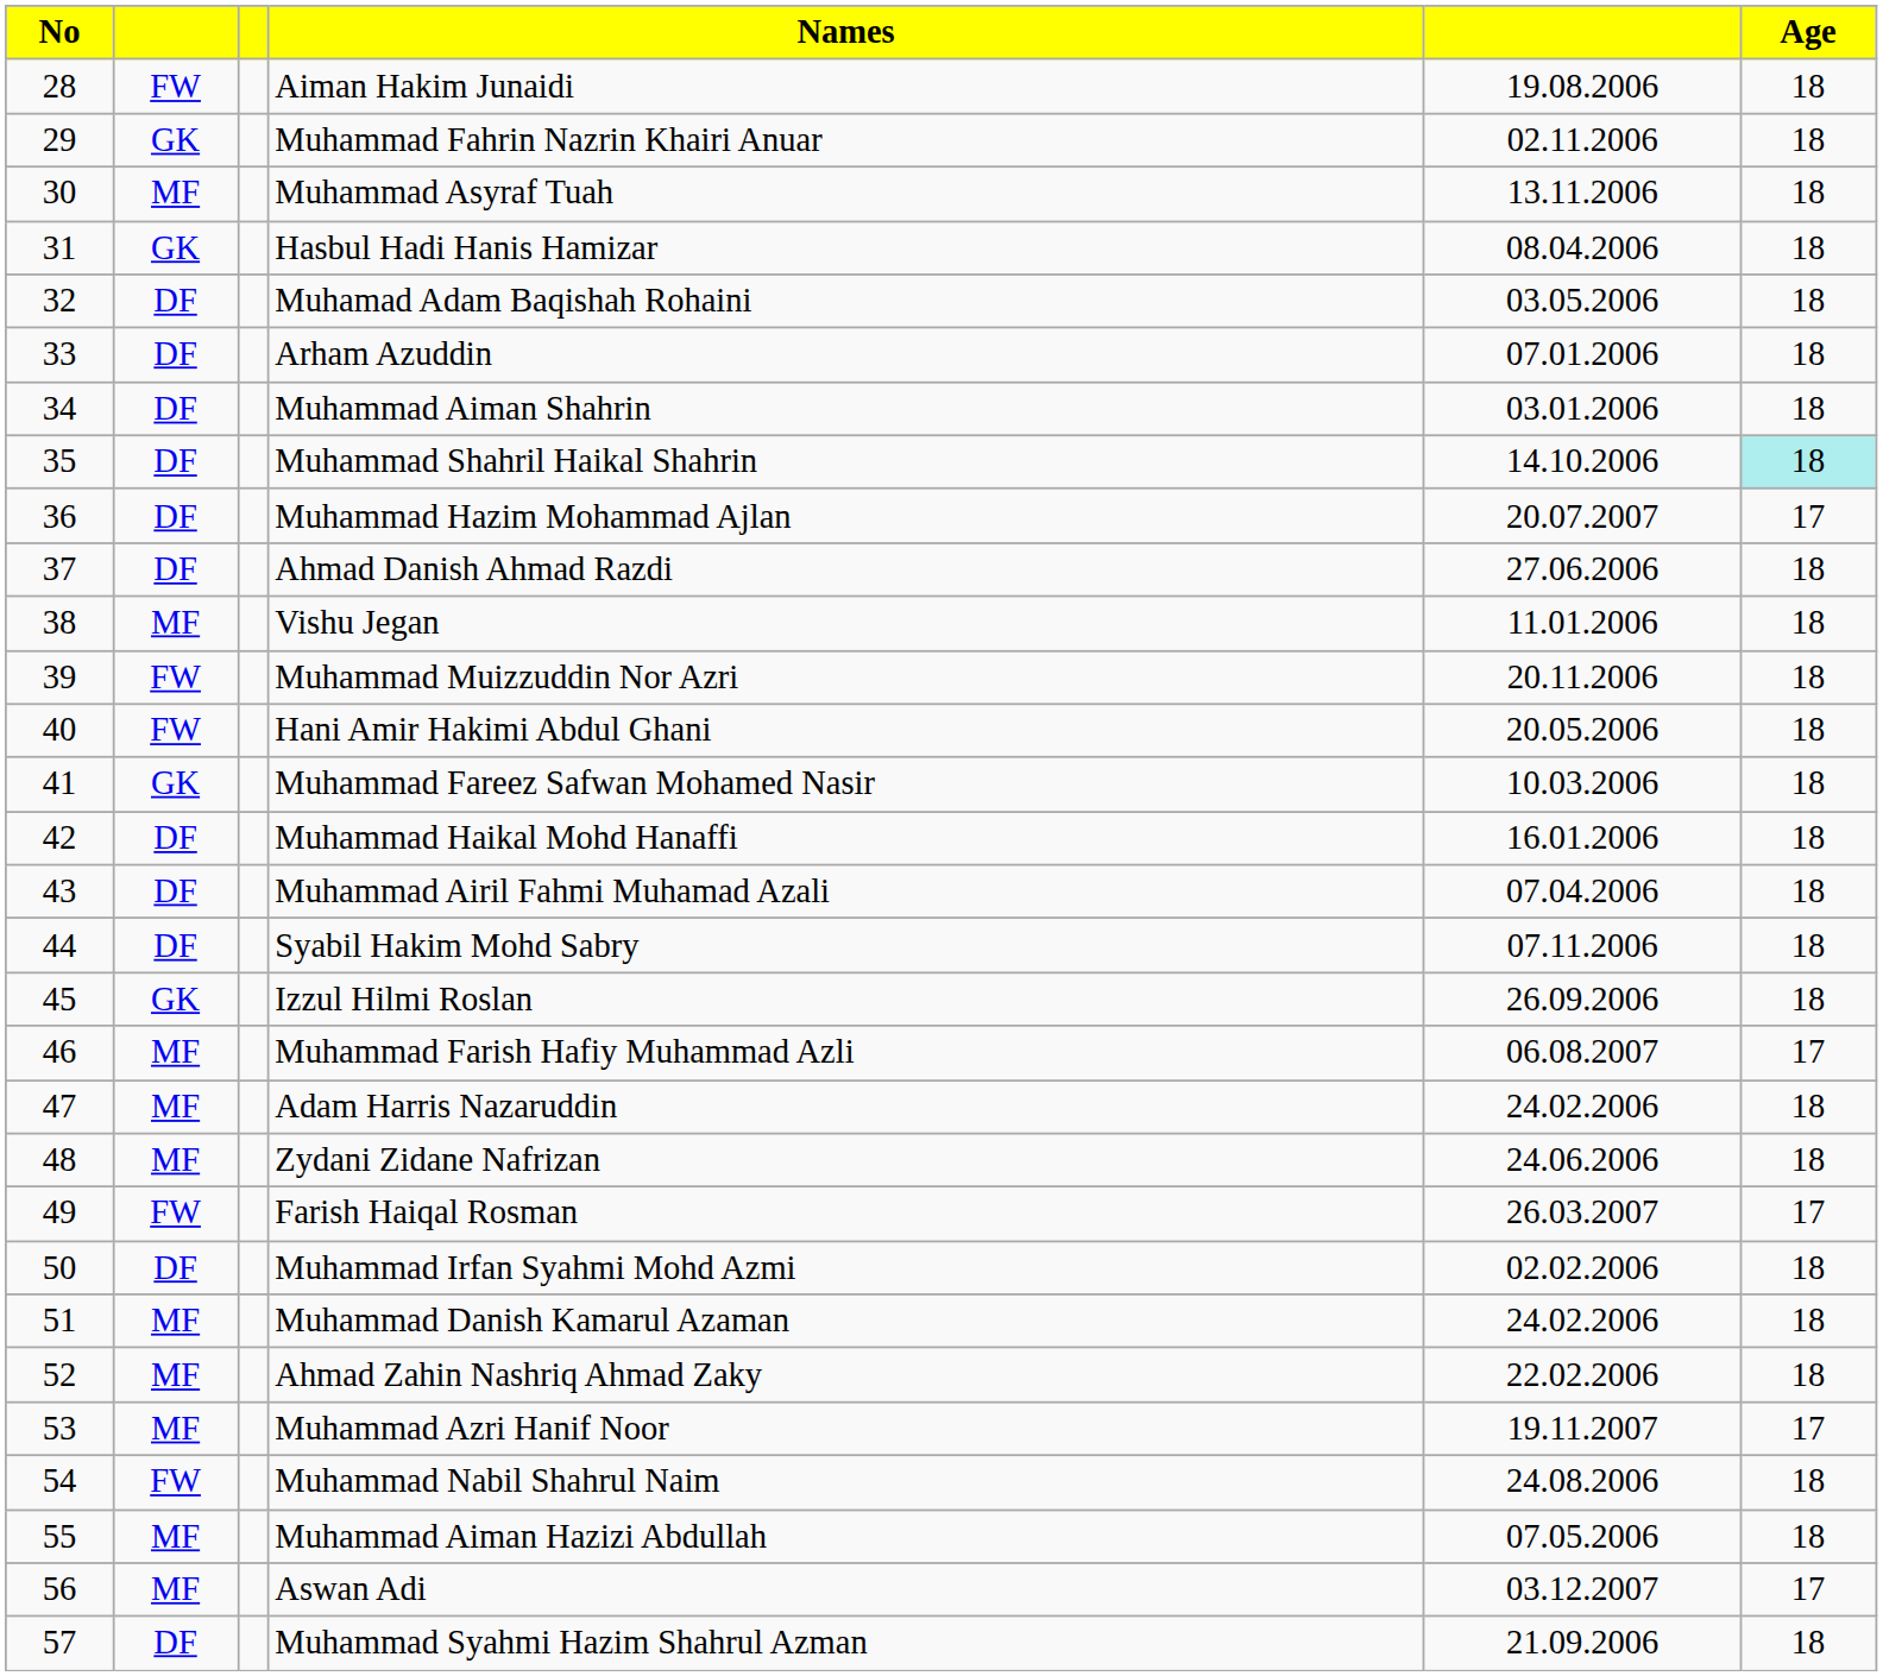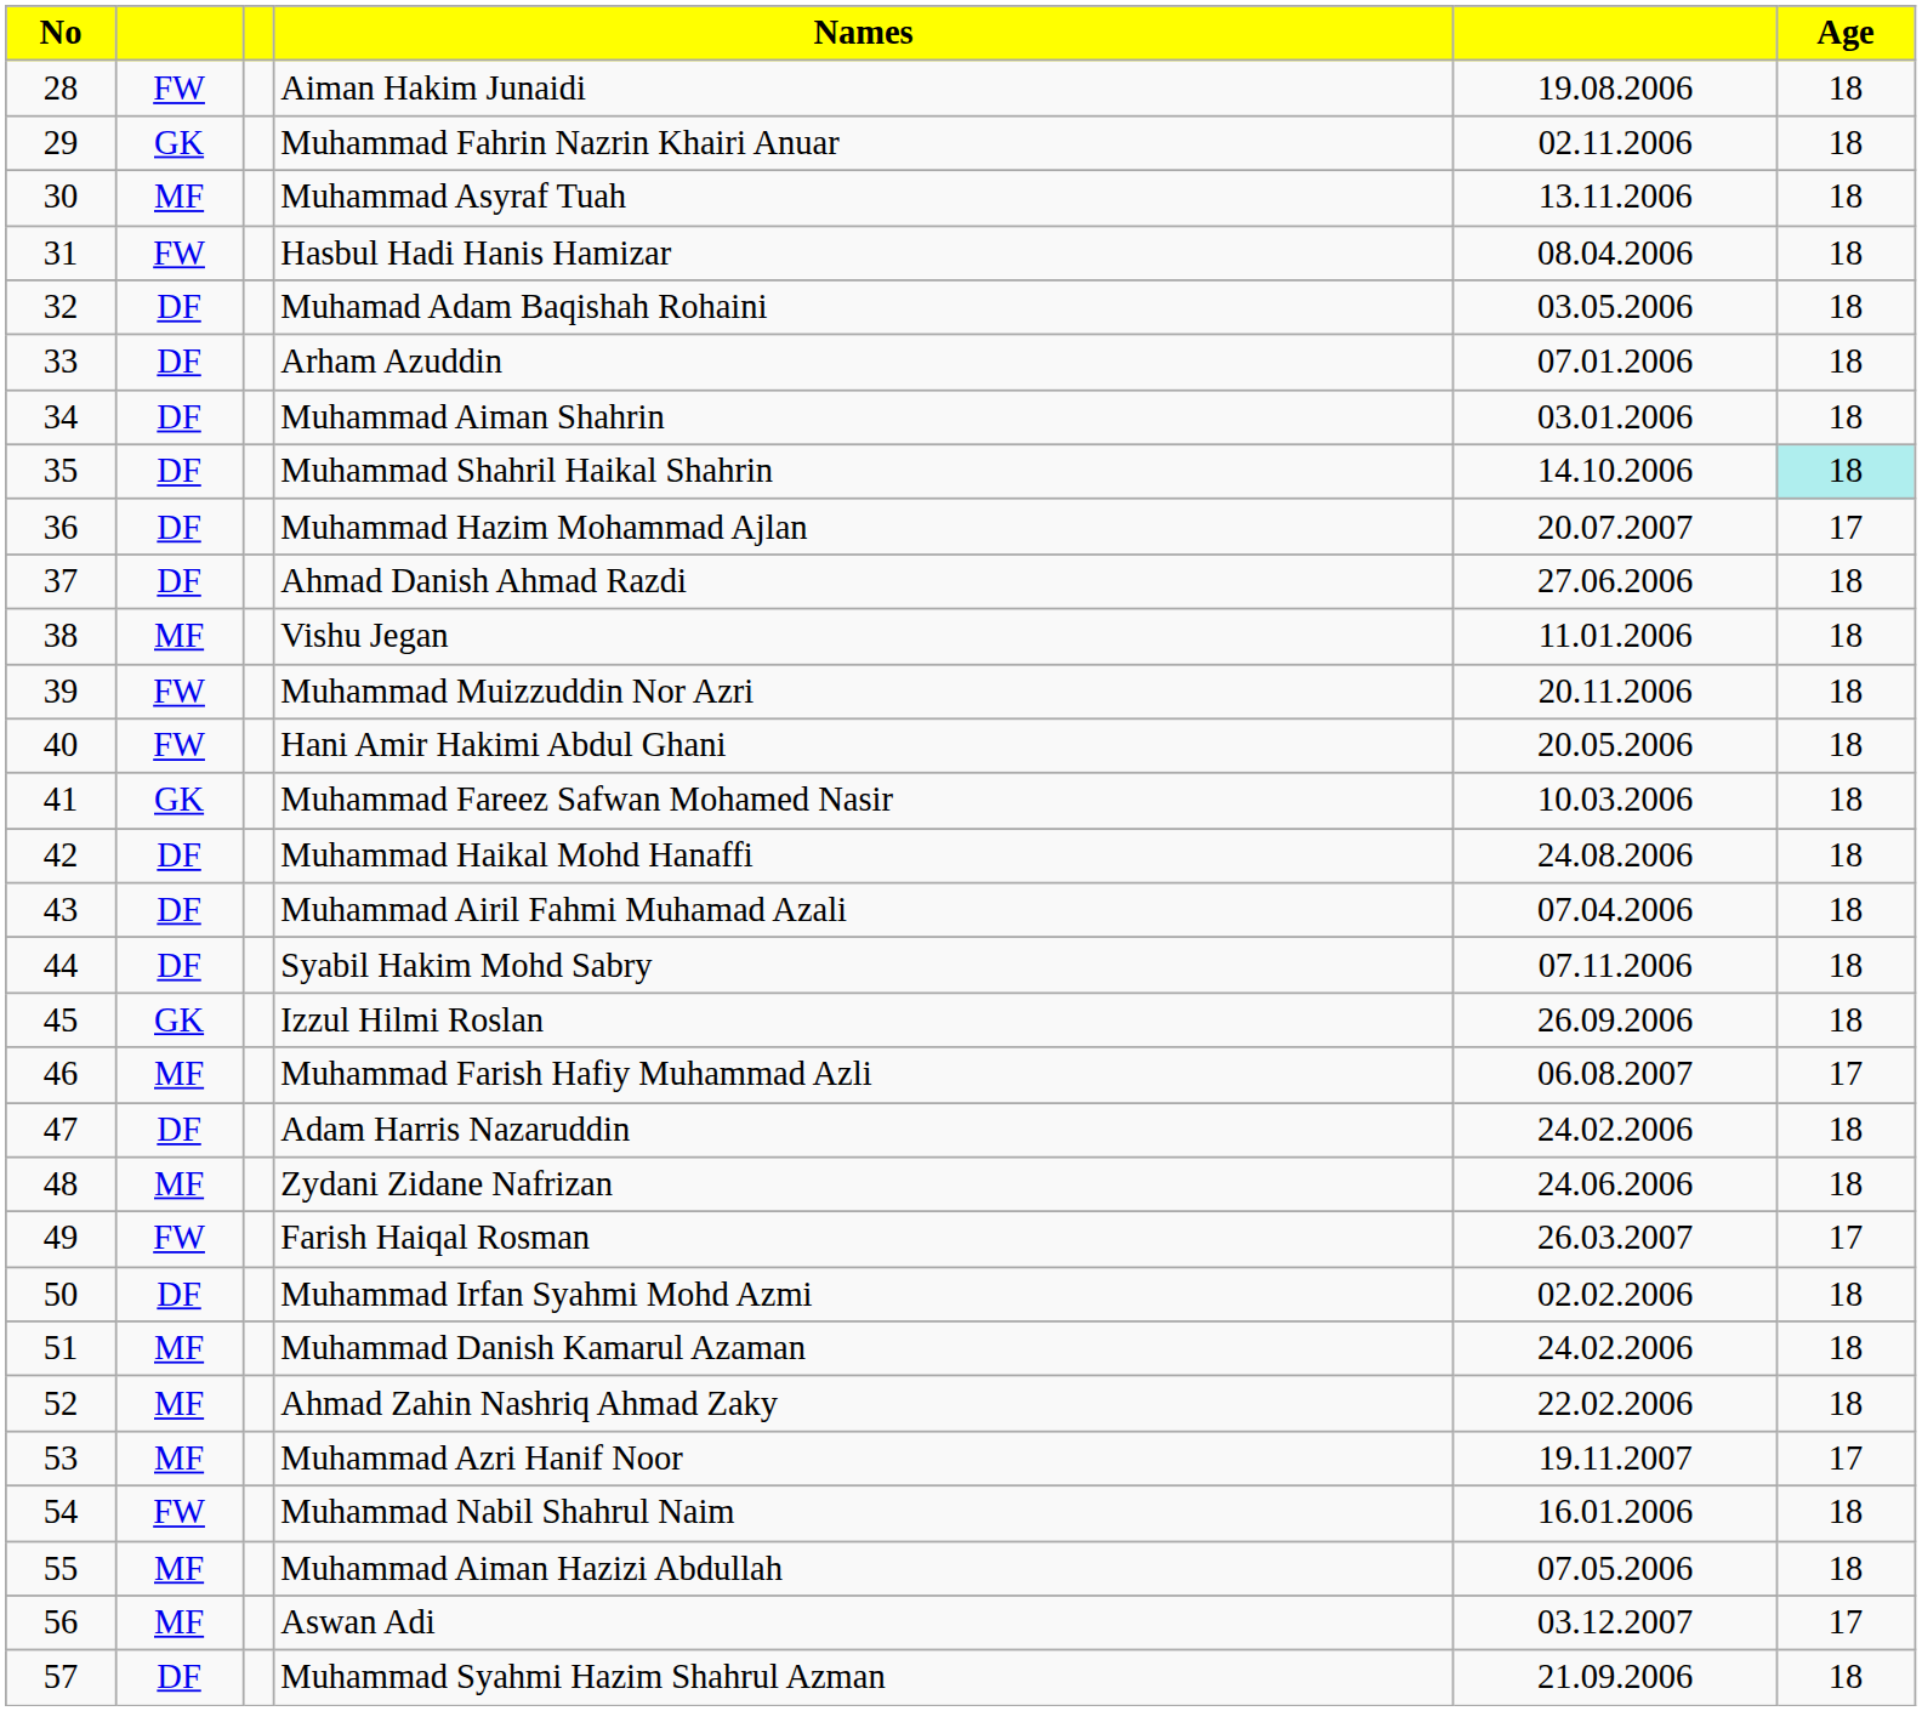 <table class="wikitable" style="text-align:center; width:70%">
 <tr>
 <th style="background:yellow">No</th>
 <th style="background:yellow"></th>
 <th style="background:yellow"></th>
 <th style="background:yellow">Names</th>
 <th style="background:yellow"></th>
 <th style="background:yellow">Age</th>
 </tr>
 <tr>
 <td>28</td>
 <td><a href='#'>FW</a></td>
 <td></td>
 <td align="left">Aiman Hakim Junaidi</td>
 <td>19.08.2006</td>
 <td>18</td>
 </tr>
 <tr>
 <td>29</td>
 <td><a href='#'>GK</a></td>
 <td></td>
 <td align="left">Muhammad Fahrin Nazrin Khairi Anuar</td>
 <td>02.11.2006</td>
 <td>18</td>
 </tr>
 <tr>
 <td>30</td>
 <td><a href='#'>MF</a></td>
 <td></td>
 <td align="left">Muhammad Asyraf Tuah</td>
 <td>13.11.2006</td>
 <td>18</td>
 </tr>
 <tr>
 <td>31</td>
-<td><a href='#'>GK</a></td>
+<td><a href='#'>FW</a></td>
 <td></td>
 <td align="left">Hasbul Hadi Hanis Hamizar</td>
 <td>08.04.2006</td>
 <td>18</td>
 </tr>
 <tr>
 <td>32</td>
 <td><a href='#'>DF</a></td>
 <td></td>
 <td align="left">Muhamad Adam Baqishah Rohaini</td>
 <td>03.05.2006</td>
 <td>18</td>
 </tr>
 <tr>
 <td>33</td>
 <td><a href='#'>DF</a></td>
 <td></td>
 <td align="left">Arham Azuddin</td>
 <td>07.01.2006</td>
 <td>18</td>
 </tr>
 <tr>
 <td>34</td>
 <td><a href='#'>DF</a></td>
 <td></td>
 <td align="left">Muhammad Aiman Shahrin</td>
 <td>03.01.2006</td>
 <td>18</td>
 </tr>
 <tr>
 <td>35</td>
 <td><a href='#'>DF</a></td>
 <td></td>
 <td align="left">Muhammad Shahril Haikal Shahrin</td>
 <td>14.10.2006</td>
 <td style="background: paleturquoise;">18</td>
 </tr>
 <tr>
 <td>36</td>
 <td><a href='#'>DF</a></td>
 <td></td>
 <td align="left">Muhammad Hazim Mohammad Ajlan</td>
 <td>20.07.2007</td>
 <td>17</td>
 </tr>
 <tr>
 <td>37</td>
 <td><a href='#'>DF</a></td>
 <td></td>
 <td align="left">Ahmad Danish Ahmad Razdi</td>
 <td>27.06.2006</td>
 <td>18</td>
 </tr>
 <tr>
 <td>38</td>
 <td><a href='#'>MF</a></td>
 <td></td>
 <td align="left">Vishu Jegan</td>
 <td>11.01.2006</td>
 <td>18</td>
 </tr>
 <tr>
 <td>39</td>
 <td><a href='#'>FW</a></td>
 <td></td>
 <td align="left">Muhammad Muizzuddin Nor Azri</td>
 <td>20.11.2006</td>
 <td>18</td>
 </tr>
 <tr>
 <td>40</td>
 <td><a href='#'>FW</a></td>
 <td></td>
 <td align="left">Hani Amir Hakimi Abdul Ghani</td>
 <td>20.05.2006</td>
 <td>18</td>
 </tr>
 <tr>
 <td>41</td>
 <td><a href='#'>GK</a></td>
 <td></td>
 <td align="left">Muhammad Fareez Safwan Mohamed Nasir</td>
 <td>10.03.2006</td>
 <td>18</td>
 </tr>
 <tr>
 <td>42</td>
 <td><a href='#'>DF</a></td>
 <td></td>
 <td align="left">Muhammad Haikal Mohd Hanaffi</td>
-<td>16.01.2006</td>
+<td>24.08.2006</td>
 <td>18</td>
 </tr>
 <tr>
 <td>43</td>
 <td><a href='#'>DF</a></td>
 <td></td>
 <td align="left">Muhammad Airil Fahmi Muhamad Azali</td>
 <td>07.04.2006</td>
 <td>18</td>
 </tr>
 <tr>
 <td>44</td>
 <td><a href='#'>DF</a></td>
 <td></td>
 <td align="left">Syabil Hakim Mohd Sabry</td>
 <td>07.11.2006</td>
 <td>18</td>
 </tr>
 <tr>
 <td>45</td>
 <td><a href='#'>GK</a></td>
 <td></td>
 <td align="left">Izzul Hilmi Roslan</td>
 <td>26.09.2006</td>
 <td>18</td>
 </tr>
 <tr>
 <td>46</td>
 <td><a href='#'>MF</a></td>
 <td></td>
 <td align="left">Muhammad Farish Hafiy Muhammad Azli</td>
 <td>06.08.2007</td>
 <td>17</td>
 </tr>
 <tr>
 <td>47</td>
-<td><a href='#'>MF</a></td>
+<td><a href='#'>DF</a></td>
 <td></td>
 <td align="left">Adam Harris Nazaruddin</td>
 <td>24.02.2006</td>
 <td>18</td>
 </tr>
 <tr>
 <td>48</td>
 <td><a href='#'>MF</a></td>
 <td></td>
 <td align="left">Zydani Zidane Nafrizan</td>
 <td>24.06.2006</td>
 <td>18</td>
 </tr>
 <tr>
 <td>49</td>
 <td><a href='#'>FW</a></td>
 <td></td>
 <td align="left">Farish Haiqal Rosman</td>
 <td>26.03.2007</td>
 <td>17</td>
 </tr>
 <tr>
 <td>50</td>
 <td><a href='#'>DF</a></td>
 <td></td>
 <td align="left">Muhammad Irfan Syahmi Mohd Azmi</td>
 <td>02.02.2006</td>
 <td>18</td>
 </tr>
 <tr>
 <td>51</td>
 <td><a href='#'>MF</a></td>
 <td></td>
 <td align="left">Muhammad Danish Kamarul Azaman</td>
 <td>24.02.2006</td>
 <td>18</td>
 </tr>
 <tr>
 <td>52</td>
 <td><a href='#'>MF</a></td>
 <td></td>
 <td align="left">Ahmad Zahin Nashriq Ahmad Zaky</td>
 <td>22.02.2006</td>
 <td>18</td>
 </tr>
 <tr>
 <td>53</td>
 <td><a href='#'>MF</a></td>
 <td></td>
 <td align="left">Muhammad Azri Hanif Noor</td>
 <td>19.11.2007</td>
 <td>17</td>
 </tr>
 <tr>
 <td>54</td>
 <td><a href='#'>FW</a></td>
 <td></td>
 <td align="left">Muhammad Nabil Shahrul Naim</td>
-<td>24.08.2006</td>
+<td>16.01.2006</td>
 <td>18</td>
 </tr>
 <tr>
 <td>55</td>
 <td><a href='#'>MF</a></td>
 <td></td>
 <td align="left">Muhammad Aiman Hazizi Abdullah</td>
 <td>07.05.2006</td>
 <td>18</td>
 </tr>
 <tr>
 <td>56</td>
 <td><a href='#'>MF</a></td>
 <td></td>
 <td align="left">Aswan Adi</td>
 <td>03.12.2007</td>
 <td>17</td>
 </tr>
 <tr>
 <td>57</td>
 <td><a href='#'>DF</a></td>
 <td></td>
 <td align="left">Muhammad Syahmi Hazim Shahrul Azman</td>
 <td>21.09.2006</td>
 <td>18</td>
 </tr>
 </table>
